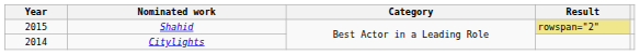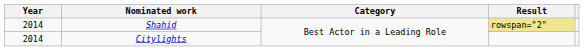 <table class="wikitable plainrowheaders sortable" width="70%">
 <tr>
 <th width="10%">Year</th>
 <th width="35%">Nominated work</th>
 <th width="40%">Category</th>
 <th width="15%">Result</th>
 <th scope="col" class="unsortable"></th>
 </tr>
 <tr>
-<td align="center">2015</td>
+<td align="center">2014</td>
 <td align="center"><em><a href='#'>Shahid</a></em></td>
 <td rowspan="2" align="center">Best Actor in a Leading Role</td>
 <td style="background: khaki;">rowspan="2" </td>
 <td style="text-align:center;"></td>
 </tr>
 <tr>
 <td align="center">2014</td>
 <td align="center"><em><a href='#'>Citylights</a></em></td>
 <td style="text-align:center;"></td>
 </tr>
 </table>
